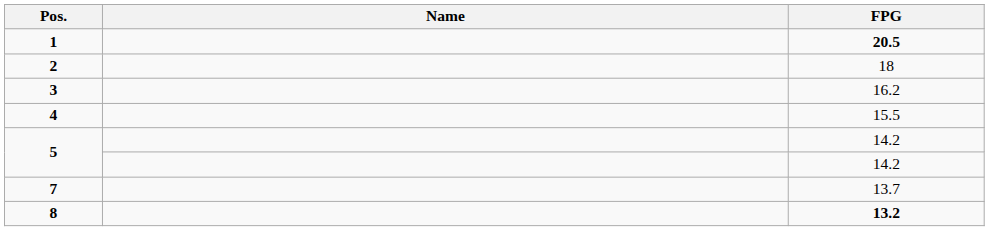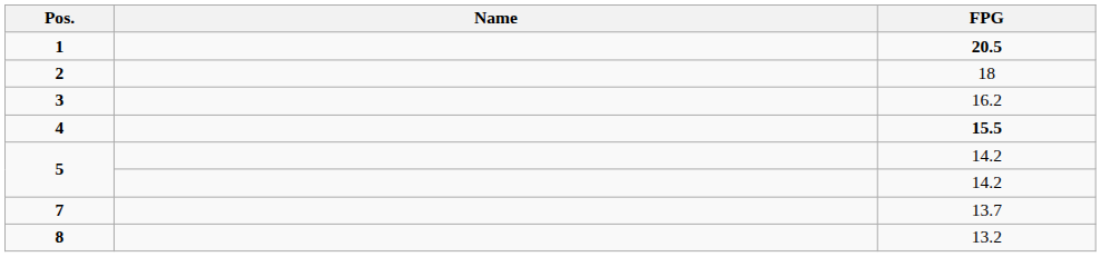 <table class="wikitable" style="width:80%;">
 <tr>
 <th style="width:10%;">Pos.</th>
 <th style="width:70%;">Name</th>
 <th style="width:20%;">FPG</th>
 </tr>
 <tr>
 <td align=center><strong>1</strong></td>
 <td><strong></strong></td>
 <td align=center><strong>20.5</strong></td>
 </tr>
 <tr>
 <td align=center><strong>2</strong></td>
 <td></td>
 <td align=center>18</td>
 </tr>
 <tr>
 <td align=center><strong>3</strong></td>
 <td></td>
 <td align=center>16.2</td>
 </tr>
 <tr>
 <td align=center><strong>4</strong></td>
 <td></td>
-<td align=center>15.5</td>
+<td align=center><strong>15.5</strong></td>
 </tr>
 <tr>
 <td align=center rowspan=2><strong>5</strong></td>
 <td></td>
 <td align=center>14.2</td>
 </tr>
 <tr>
 <td></td>
 <td align=center>14.2</td>
 </tr>
 <tr>
 <td align=center><strong>7</strong></td>
 <td></td>
 <td align=center>13.7</td>
 </tr>
 <tr>
 <td align=center><strong>8</strong></td>
 <td></td>
-<td align=center><strong>13.2</strong></td>
+<td align=center>13.2</td>
 </tr>
 </table>
